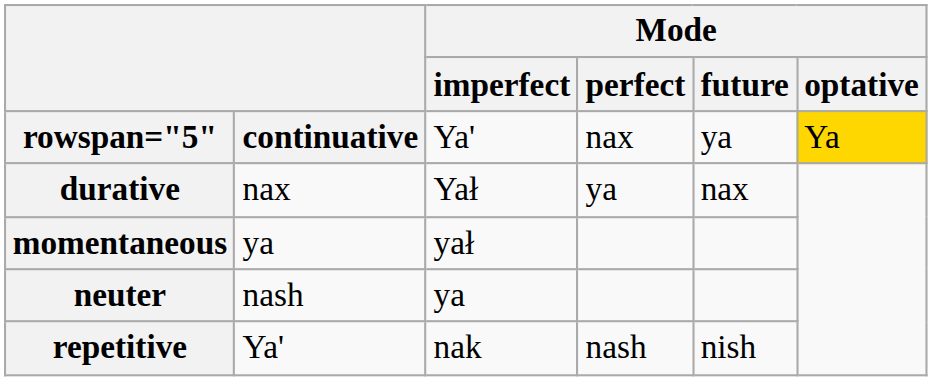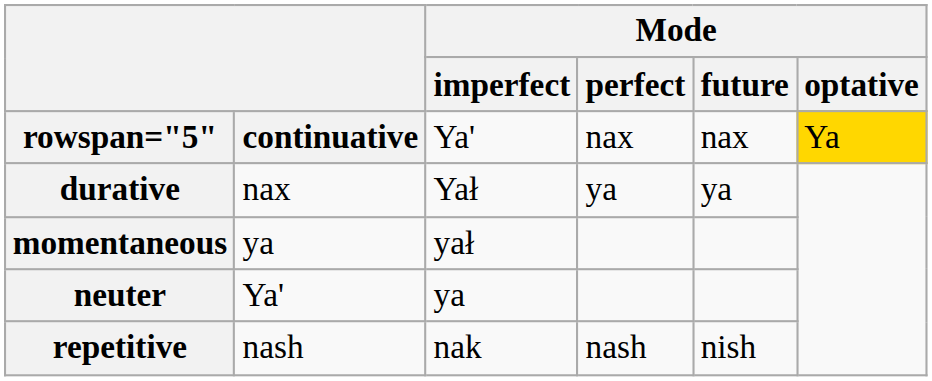 <table class="wikitable">
 <tr>
 <th rowspan="2" colspan="2"></th>
 <th colspan="4">Mode</th>
 </tr>
 <tr>
 <th>imperfect</th>
 <th>perfect</th>
 <th>future</th>
 <th>optative</th>
 </tr>
 <tr>
 <th>rowspan="5" </th>
 <th>continuative</th>
 <td>Ya'</td>
 <td>nax</td>
-<td>ya</td>
+<td>nax</td>
 <td style="background: gold;">Ya</td>
 </tr>
 <tr>
 <th>durative</th>
 <td>nax</td>
 <td>Yał</td>
 <td>ya</td>
-<td>nax</td>
+<td>ya</td>
 </tr>
 <tr>
 <th>momentaneous</th>
 <td>ya</td>
 <td>yał</td>
 <td></td>
 <td></td>
 </tr>
 <tr>
 <th>neuter</th>
-<td>nash</td>
+<td>Ya'</td>
 <td>ya</td>
 <td></td>
 <td></td>
 </tr>
 <tr>
 <th>repetitive</th>
-<td>Ya'</td>
+<td>nash</td>
 <td>nak</td>
 <td>nash</td>
 <td>nish</td>
 </tr>
 </table>
